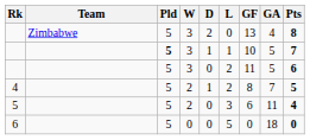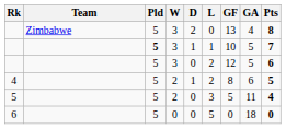 <table class=wikitable style="text-align:center">
 <tr>
 <th width=20>Rk</th>
 <th width=175>Team</th>
 <th width=20>Pld</th>
 <th width=20>W</th>
 <th width=20>D</th>
 <th width=20>L</th>
 <th width=20>GF</th>
 <th width=20>GA</th>
 <th width=20>Pts</th>
 </tr>
 <tr>
 <td></td>
 <td align=left> <a href='#'>Zimbabwe</a></td>
 <td>5</td>
 <td>3</td>
 <td>2</td>
 <td>0</td>
 <td>13</td>
 <td>4</td>
 <td><strong>8</strong></td>
 </tr>
 <tr>
 <td></td>
 <td align=left></td>
 <td><strong>5</strong></td>
 <td>3</td>
 <td>1</td>
 <td>1</td>
 <td>10</td>
 <td>5</td>
 <td><strong>7</strong></td>
 </tr>
 <tr>
 <td></td>
 <td align=left></td>
 <td>5</td>
 <td>3</td>
 <td>0</td>
 <td>2</td>
-<td>11</td>
+<td>12</td>
 <td>5</td>
 <td><strong>6</strong></td>
 </tr>
 <tr>
 <td>4</td>
 <td align=left></td>
 <td>5</td>
 <td>2</td>
 <td>1</td>
 <td>2</td>
 <td>8</td>
-<td>7</td>
+<td>6</td>
 <td><strong>5</strong></td>
 </tr>
 <tr>
 <td>5</td>
 <td align=left></td>
 <td>5</td>
 <td>2</td>
 <td>0</td>
 <td>3</td>
-<td>6</td>
+<td>5</td>
 <td>11</td>
 <td><strong>4</strong></td>
 </tr>
 <tr>
 <td>6</td>
 <td align=left></td>
 <td>5</td>
 <td>0</td>
 <td>0</td>
 <td>5</td>
 <td>0</td>
 <td>18</td>
 <td><strong>0</strong></td>
 </tr>
 </table>
